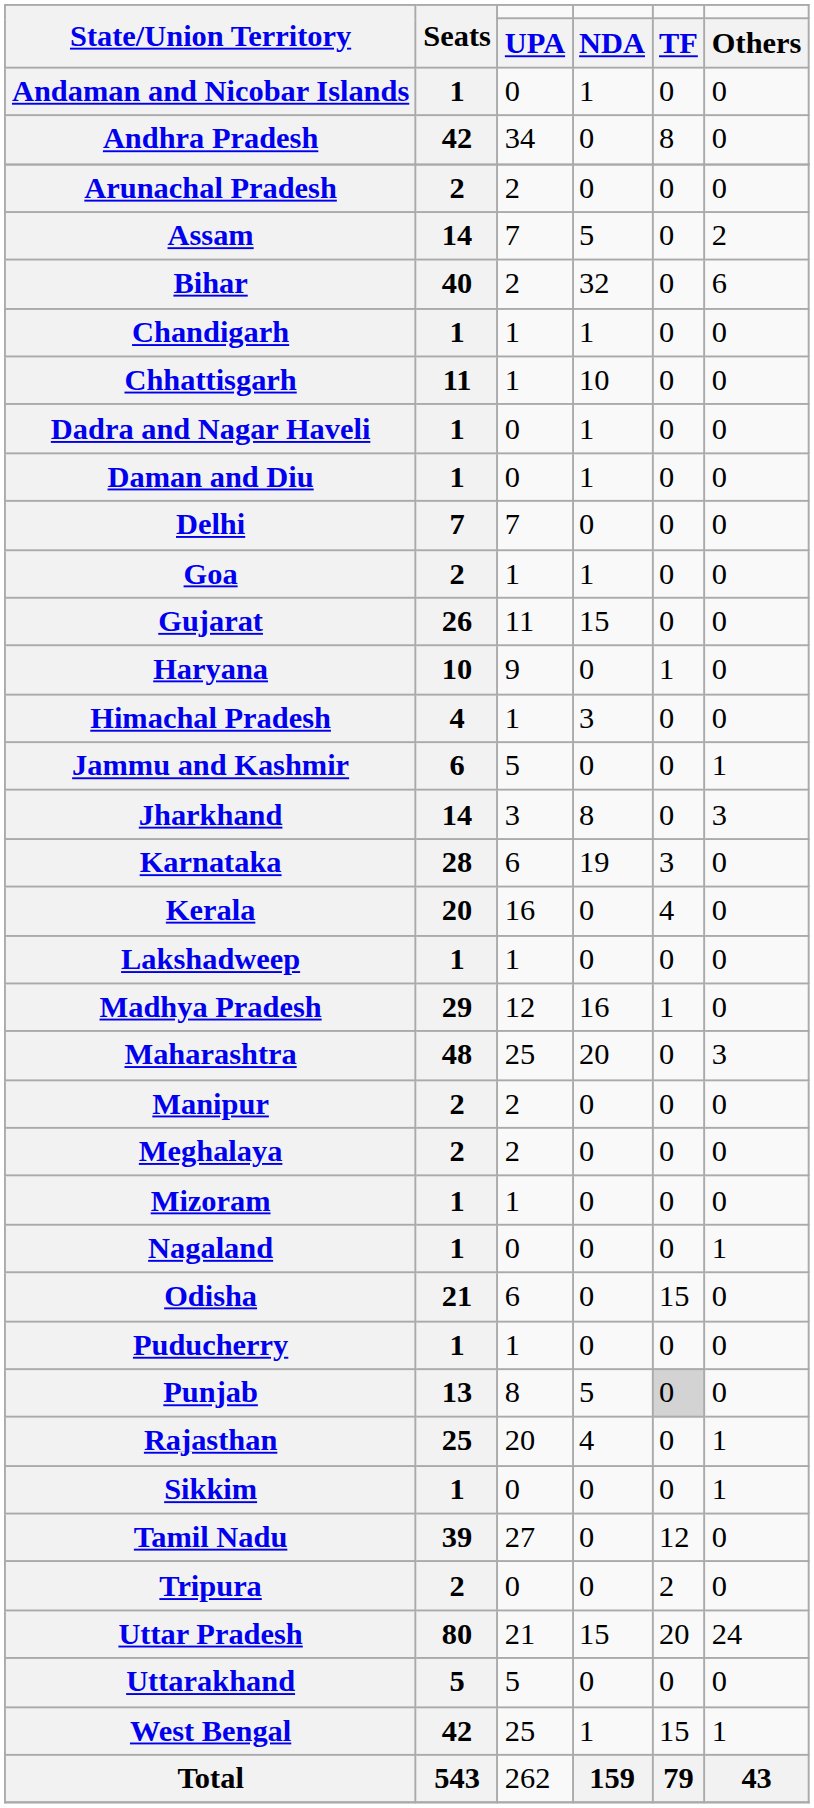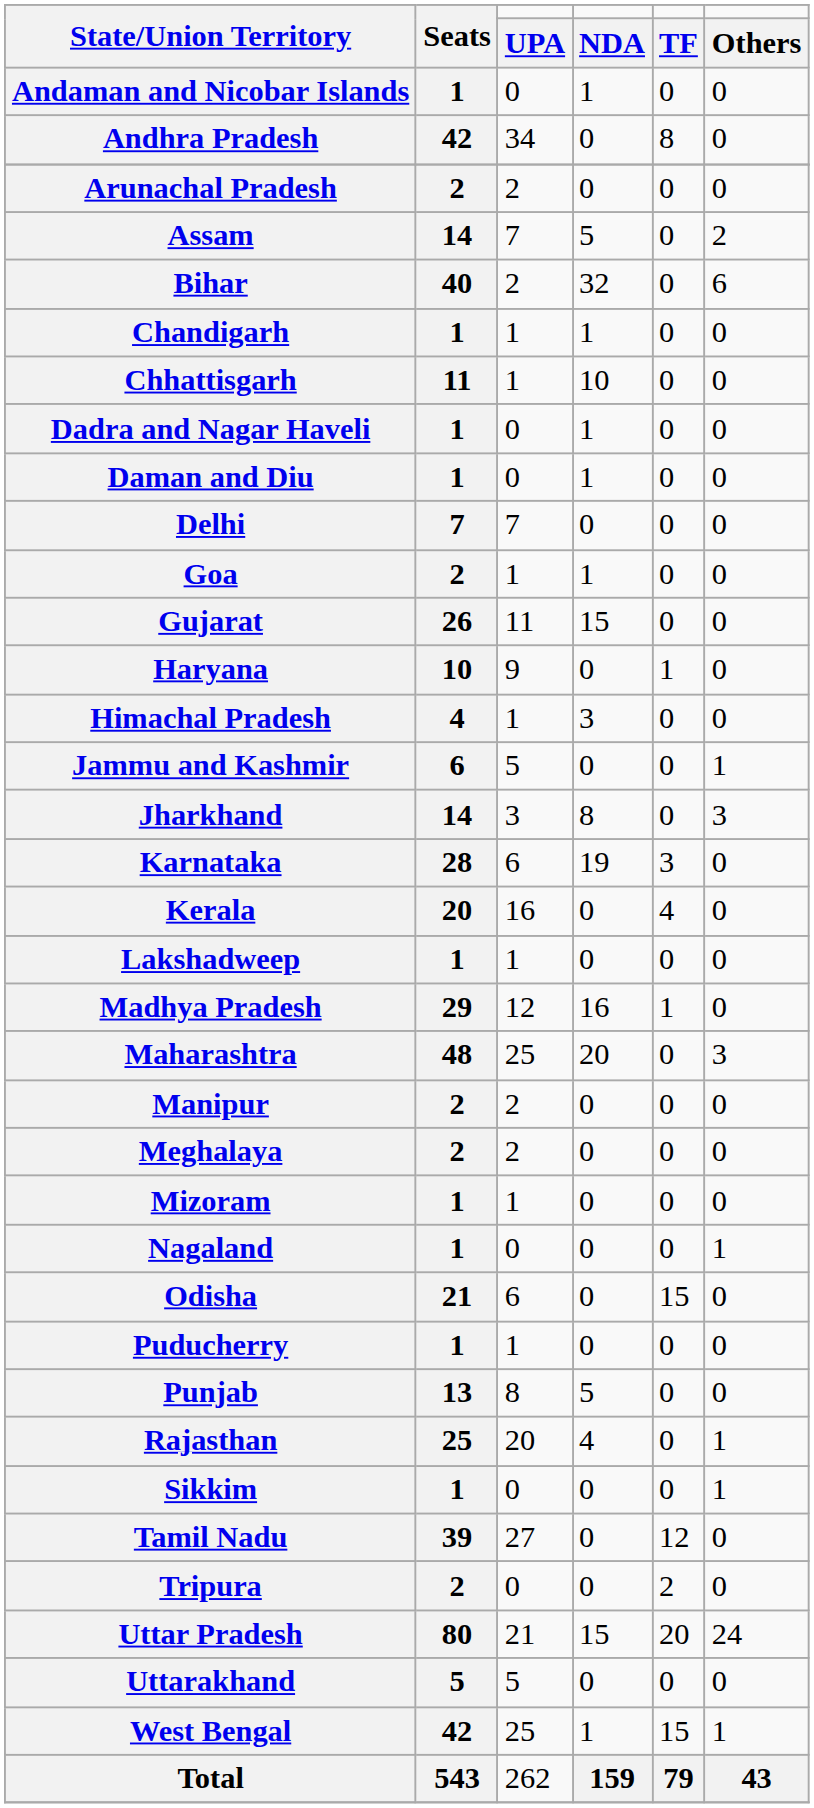 <table class="wikitable defaultcenter col1left" style="font-size: 100%">
 <tr>
 <th rowspan="2"><a href='#'>State/Union Territory</a></th>
 <th rowspan="2">Seats</th>
 <td></td>
 <td></td>
 <td></td>
 <td></td>
 </tr>
 <tr>
 <th><a href='#'>UPA</a></th>
 <th><a href='#'>NDA</a></th>
 <th><a href='#'>TF</a></th>
 <th>Others</th>
 </tr>
 <tr>
 <th><a href='#'>Andaman and Nicobar Islands</a></th>
 <th>1</th>
 <td>0</td>
 <td style="background:">1</td>
 <td>0</td>
 <td>0</td>
 </tr>
 <tr>
 <th><a href='#'>Andhra Pradesh</a></th>
 <th>42</th>
 <td style="background:">34</td>
 <td>0</td>
 <td>8</td>
 <td>0</td>
 </tr>
 <tr>
 </tr>
 <tr>
 <th><a href='#'>Arunachal Pradesh</a></th>
 <th>2</th>
 <td style="background:">2</td>
 <td>0</td>
 <td>0</td>
 <td>0</td>
 </tr>
 <tr>
 <th><a href='#'>Assam</a></th>
 <th>14</th>
 <td style="background:">7</td>
 <td>5</td>
 <td>0</td>
 <td>2</td>
 </tr>
 <tr>
 <th><a href='#'>Bihar</a></th>
 <th>40</th>
 <td>2</td>
 <td style="background:">32</td>
 <td>0</td>
 <td>6</td>
 </tr>
 <tr>
 <th><a href='#'>Chandigarh</a></th>
 <th>1</th>
 <td style="background:">1</td>
 <td>1</td>
 <td>0</td>
 <td>0</td>
 </tr>
 <tr>
 <th><a href='#'>Chhattisgarh</a></th>
 <th>11</th>
 <td>1</td>
 <td style="background:">10</td>
 <td>0</td>
 <td>0</td>
 </tr>
 <tr>
 <th><a href='#'>Dadra and Nagar Haveli</a></th>
 <th>1</th>
 <td>0</td>
 <td style="background:">1</td>
 <td>0</td>
 <td>0</td>
 </tr>
 <tr>
 <th><a href='#'>Daman and Diu</a></th>
 <th>1</th>
 <td>0</td>
 <td style="background:">1</td>
 <td>0</td>
 <td>0</td>
 </tr>
 <tr>
 <th><a href='#'>Delhi</a></th>
 <th>7</th>
 <td style="background:">7</td>
 <td>0</td>
 <td>0</td>
 <td>0</td>
 </tr>
 <tr>
 <th><a href='#'>Goa</a></th>
 <th>2</th>
 <td>1</td>
 <td>1</td>
 <td>0</td>
 <td>0</td>
 </tr>
 <tr>
 <th><a href='#'>Gujarat</a></th>
 <th>26</th>
 <td>11</td>
 <td style="background:">15</td>
 <td>0</td>
 <td>0</td>
 </tr>
 <tr>
 <th><a href='#'>Haryana</a></th>
 <th>10</th>
 <td style="background:">9</td>
 <td>0</td>
 <td>1</td>
 <td>0</td>
 </tr>
 <tr>
 <th><a href='#'>Himachal Pradesh</a></th>
 <th>4</th>
 <td>1</td>
 <td style="background:">3</td>
 <td>0</td>
 <td>0</td>
 </tr>
 <tr>
 <th><a href='#'>Jammu and Kashmir</a></th>
 <th>6</th>
 <td style="background:">5</td>
 <td>0</td>
 <td>0</td>
 <td>1</td>
 </tr>
 <tr>
 <th><a href='#'>Jharkhand</a></th>
 <th>14</th>
 <td>3</td>
 <td style="background:">8</td>
 <td>0</td>
 <td>3</td>
 </tr>
 <tr>
 <th><a href='#'>Karnataka</a></th>
 <th>28</th>
 <td>6</td>
 <td style="background:">19</td>
 <td>3</td>
 <td>0</td>
 </tr>
 <tr>
 <th><a href='#'>Kerala</a></th>
 <th>20</th>
 <td style="background:">16</td>
 <td>0</td>
 <td>4</td>
 <td>0</td>
 </tr>
 <tr>
 <th><a href='#'>Lakshadweep</a></th>
 <th>1</th>
 <td style="background:">1</td>
 <td>0</td>
 <td>0</td>
 <td>0</td>
 </tr>
 <tr>
 <th><a href='#'>Madhya Pradesh</a></th>
 <th>29</th>
 <td>12</td>
 <td style="background:">16</td>
 <td>1</td>
 <td>0</td>
 </tr>
 <tr>
 <th><a href='#'>Maharashtra</a></th>
 <th>48</th>
 <td style="background:">25</td>
 <td>20</td>
 <td>0</td>
 <td>3</td>
 </tr>
 <tr>
 <th><a href='#'>Manipur</a></th>
 <th>2</th>
 <td style="background:">2</td>
 <td>0</td>
 <td>0</td>
 <td>0</td>
 </tr>
 <tr>
 <th><a href='#'>Meghalaya</a></th>
 <th>2</th>
 <td style="background:">2</td>
 <td>0</td>
 <td>0</td>
 <td>0</td>
 </tr>
 <tr>
 <th><a href='#'>Mizoram</a></th>
 <th>1</th>
 <td style="background:">1</td>
 <td>0</td>
 <td>0</td>
 <td>0</td>
 </tr>
 <tr>
 <th><a href='#'>Nagaland</a></th>
 <th>1</th>
 <td>0</td>
 <td>0</td>
 <td>0</td>
 <td style="background:">1</td>
 </tr>
 <tr>
 <th><a href='#'>Odisha</a></th>
 <th>21</th>
 <td>6</td>
 <td>0</td>
 <td style="background:">15</td>
 <td>0</td>
 </tr>
 <tr>
 <th><a href='#'>Puducherry</a></th>
 <th>1</th>
 <td style="background:">1</td>
 <td>0</td>
 <td>0</td>
 <td>0</td>
 </tr>
 <tr>
 <th><a href='#'>Punjab</a></th>
 <th>13</th>
 <td style="background:">8</td>
 <td>5</td>
-<td style="background: lightgrey;">0</td>
+<td>0</td>
 <td>0</td>
 </tr>
 <tr>
 <th><a href='#'>Rajasthan</a></th>
 <th>25</th>
 <td style="background:">20</td>
 <td>4</td>
 <td>0</td>
 <td>1</td>
 </tr>
 <tr>
 <th><a href='#'>Sikkim</a></th>
 <th>1</th>
 <td>0</td>
 <td>0</td>
 <td>0</td>
 <td style="background:">1</td>
 </tr>
 <tr>
 <th><a href='#'>Tamil Nadu</a></th>
 <th>39</th>
 <td style="background:">27</td>
 <td>0</td>
 <td>12</td>
 <td>0</td>
 </tr>
 <tr>
 <th><a href='#'>Tripura</a></th>
 <th>2</th>
 <td>0</td>
 <td>0</td>
 <td style="background:">2</td>
 <td>0</td>
 </tr>
 <tr>
 <th><a href='#'>Uttar Pradesh</a></th>
 <th>80</th>
 <td>21</td>
 <td>15</td>
 <td>20</td>
 <td style="background:">24</td>
 </tr>
 <tr>
 <th><a href='#'>Uttarakhand</a></th>
 <th>5</th>
 <td style="background:">5</td>
 <td>0</td>
 <td>0</td>
 <td>0</td>
 </tr>
 <tr>
 <th><a href='#'>West Bengal</a></th>
 <th>42</th>
 <td style="background:">25</td>
 <td>1</td>
 <td>15</td>
 <td>1</td>
 </tr>
 <tr>
 <th>Total</th>
 <th>543</th>
 <td style="background:">262</td>
 <th>159</th>
 <th>79</th>
 <th>43</th>
 </tr>
 <tr>
 </tr>
 </table>
